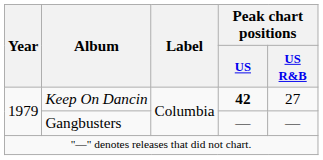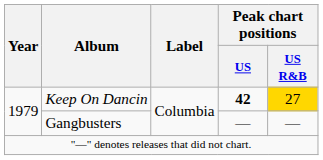 <table class="wikitable">
 <tr>
 <th scope="col" rowspan="2">Year</th>
 <th scope="col" rowspan="2">Album</th>
 <th scope="col" rowspan="2">Label</th>
 <th scope="col" colspan="2">Peak chart positions</th>
 </tr>
 <tr>
 <th style="width:45px;"><small><a href='#'>US</a></small><br></th>
 <th style="width:45px;"><small><a href='#'>US R&B</a></small><br></th>
 </tr>
 <tr>
 <td rowspan="2">1979</td>
 <td><em>Keep On Dancin<strong></td>
 <td rowspan="2">Columbia</td>
 <td align=center><strong>42</strong></td>
-<td align=center>27</td>
+<td align=center style="background: gold;">27</td>
 </tr>
 <tr>
 <td></em>Gangbusters<em></td>
 <td align=center>—</td>
 <td align=center>—</td>
 </tr>
 <tr>
 <td colspan="5" style="text-align:center; font-size:9pt;">"—" denotes releases that did not chart.</td>
 </tr>
 </table>
